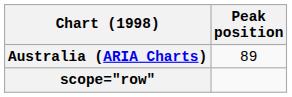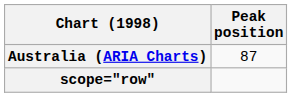 <table class="wikitable sortable plainrowheaders" style="text-align:center">
 <tr>
 <th scope="col">Chart (1998)</th>
 <th scope="col">Peak<br>position</th>
 </tr>
 <tr>
 <th scope="row">Australia (<a href='#'>ARIA Charts</a>)</th>
-<td>89</td>
+<td>87</td>
 </tr>
 <tr>
 <th>scope="row"</th>
 </tr>
 </table>
